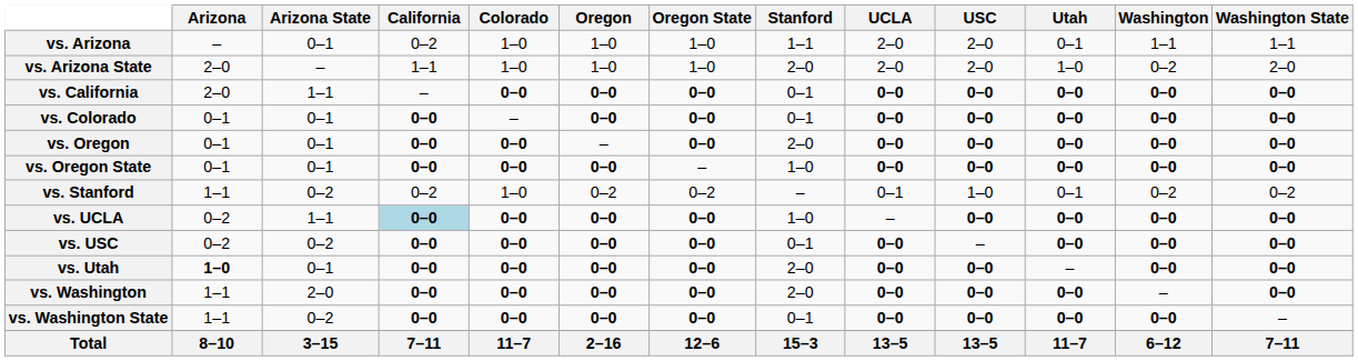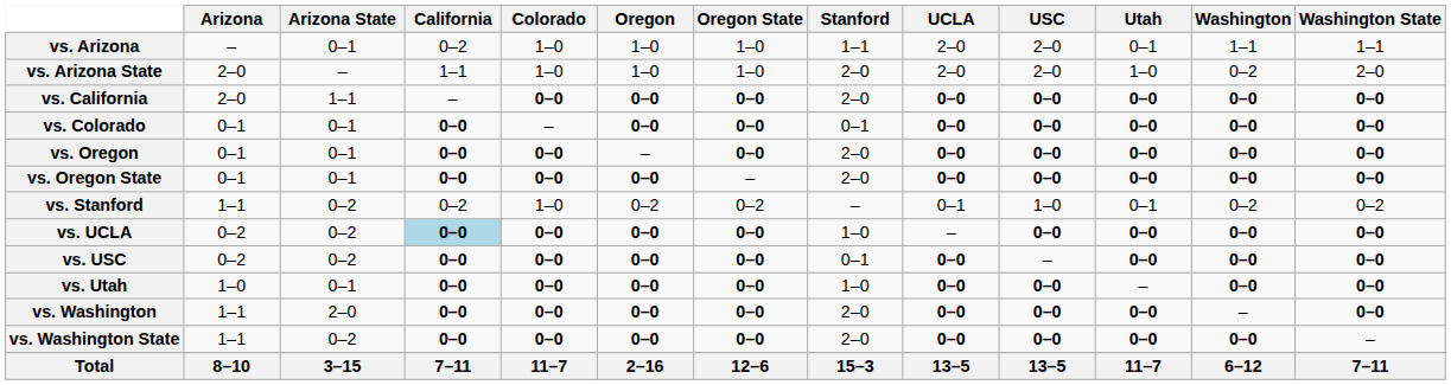 <table class="wikitable" style="white-space:nowrap;font-size:90%;">
 <tr>
 <th colspan="1" width="110" style="background:white; border-top-style:hidden; border-left-style:hidden;"> </th>
 <th width="75">Arizona</th>
 <th width="100">Arizona State</th>
 <th width="75">California</th>
 <th width="75">Colorado</th>
 <th width="75">Oregon</th>
 <th width="75">Oregon State</th>
 <th width="75">Stanford</th>
 <th width="75">UCLA</th>
 <th width="75">USC</th>
 <th width="75">Utah</th>
 <th width="75">Washington</th>
 <th width="110">Washington State</th>
 </tr>
 <tr style="text-align:center;">
 <th>vs. Arizona</th>
 <td>–</td>
 <td>0–1</td>
 <td>0–2</td>
 <td>1–0</td>
 <td>1–0</td>
 <td>1–0</td>
 <td>1–1</td>
 <td>2–0</td>
 <td>2–0</td>
 <td>0–1</td>
 <td>1–1</td>
 <td>1–1</td>
 </tr>
 <tr style="text-align:center;">
 <th>vs. Arizona State</th>
 <td>2–0</td>
 <td>–</td>
 <td>1–1</td>
 <td>1–0</td>
 <td>1–0</td>
 <td>1–0</td>
 <td>2–0</td>
 <td>2–0</td>
 <td>2–0</td>
 <td>1–0</td>
 <td>0–2</td>
 <td>2–0</td>
 </tr>
 <tr style="text-align:center;">
 <th>vs. California</th>
 <td>2–0</td>
 <td>1–1</td>
 <td>–</td>
 <td><strong>0–0</strong></td>
 <td><strong>0–0</strong></td>
 <td><strong>0–0</strong></td>
-<td>0–1</td>
+<td>2–0</td>
 <td><strong>0–0</strong></td>
 <td><strong>0–0</strong></td>
 <td><strong>0–0</strong></td>
 <td><strong>0–0</strong></td>
 <td><strong>0–0</strong></td>
 </tr>
 <tr style="text-align:center;">
 <th>vs. Colorado</th>
 <td>0–1</td>
 <td>0–1</td>
 <td><strong>0–0</strong></td>
 <td>–</td>
 <td><strong>0–0</strong></td>
 <td><strong>0–0</strong></td>
 <td>0–1</td>
 <td><strong>0–0</strong></td>
 <td><strong>0–0</strong></td>
 <td><strong>0–0</strong></td>
 <td><strong>0–0</strong></td>
 <td><strong>0–0</strong></td>
 </tr>
 <tr style="text-align:center;">
 <th>vs. Oregon</th>
 <td>0–1</td>
 <td>0–1</td>
 <td><strong>0–0</strong></td>
 <td><strong>0–0</strong></td>
 <td>–</td>
 <td><strong>0–0</strong></td>
 <td>2–0</td>
 <td><strong>0–0</strong></td>
 <td><strong>0–0</strong></td>
 <td><strong>0–0</strong></td>
 <td><strong>0–0</strong></td>
 <td><strong>0–0</strong></td>
 </tr>
 <tr style="text-align:center;">
 <th>vs. Oregon State</th>
 <td>0–1</td>
 <td>0–1</td>
 <td><strong>0–0</strong></td>
 <td><strong>0–0</strong></td>
 <td><strong>0–0</strong></td>
 <td>–</td>
-<td>1–0</td>
+<td>2–0</td>
 <td><strong>0–0</strong></td>
 <td><strong>0–0</strong></td>
 <td><strong>0–0</strong></td>
 <td><strong>0–0</strong></td>
 <td><strong>0–0</strong></td>
 </tr>
 <tr style="text-align:center;">
 <th>vs. Stanford</th>
 <td>1–1</td>
 <td>0–2</td>
 <td>0–2</td>
 <td>1–0</td>
 <td>0–2</td>
 <td>0–2</td>
 <td>–</td>
 <td>0–1</td>
 <td>1–0</td>
 <td>0–1</td>
 <td>0–2</td>
 <td>0–2</td>
 </tr>
 <tr style="text-align:center;">
 <th>vs. UCLA</th>
 <td>0–2</td>
-<td>1–1</td>
+<td>0–2</td>
 <td style="background: lightblue;"><strong>0–0</strong></td>
 <td><strong>0–0</strong></td>
 <td><strong>0–0</strong></td>
 <td><strong>0–0</strong></td>
 <td>1–0</td>
 <td>–</td>
 <td><strong>0–0</strong></td>
 <td><strong>0–0</strong></td>
 <td><strong>0–0</strong></td>
 <td><strong>0–0</strong></td>
 </tr>
 <tr style="text-align:center;">
 <th>vs. USC</th>
 <td>0–2</td>
 <td>0–2</td>
 <td><strong>0–0</strong></td>
 <td><strong>0–0</strong></td>
 <td><strong>0–0</strong></td>
 <td><strong>0–0</strong></td>
 <td>0–1</td>
 <td><strong>0–0</strong></td>
 <td>–</td>
 <td><strong>0–0</strong></td>
 <td><strong>0–0</strong></td>
 <td><strong>0–0</strong></td>
 </tr>
 <tr style="text-align:center;">
 <th>vs. Utah</th>
-<td><strong>1–0</strong></td>
+<td>1–0</td>
 <td>0–1</td>
 <td><strong>0–0</strong></td>
 <td><strong>0–0</strong></td>
 <td><strong>0–0</strong></td>
 <td><strong>0–0</strong></td>
-<td>2–0</td>
+<td>1–0</td>
 <td><strong>0–0</strong></td>
 <td><strong>0–0</strong></td>
 <td>–</td>
 <td><strong>0–0</strong></td>
 <td><strong>0–0</strong></td>
 </tr>
 <tr style="text-align:center;">
 <th>vs. Washington</th>
 <td>1–1</td>
 <td>2–0</td>
 <td><strong>0–0</strong></td>
 <td><strong>0–0</strong></td>
 <td><strong>0–0</strong></td>
 <td><strong>0–0</strong></td>
 <td>2–0</td>
 <td><strong>0–0</strong></td>
 <td><strong>0–0</strong></td>
 <td><strong>0–0</strong></td>
 <td>–</td>
 <td><strong>0–0</strong></td>
 </tr>
 <tr style="text-align:center;">
 <th>vs. Washington State</th>
 <td>1–1</td>
 <td>0–2</td>
 <td><strong>0–0</strong></td>
 <td><strong>0–0</strong></td>
 <td><strong>0–0</strong></td>
 <td><strong>0–0</strong></td>
-<td>0–1</td>
+<td>2–0</td>
 <td><strong>0–0</strong></td>
 <td><strong>0–0</strong></td>
 <td><strong>0–0</strong></td>
 <td><strong>0–0</strong></td>
 <td>–</td>
 </tr>
 <tr style="text-align:center;">
 </tr>
 <tr style="text-align:center;">
 <th>Total</th>
 <th>8–10</th>
 <th>3–15</th>
 <th>7–11</th>
 <th>11–7</th>
 <th>2–16</th>
 <th>12–6</th>
 <th>15–3</th>
 <th>13–5</th>
 <th>13–5</th>
 <th>11–7</th>
 <th>6–12</th>
 <th>7–11</th>
 </tr>
 </table>
